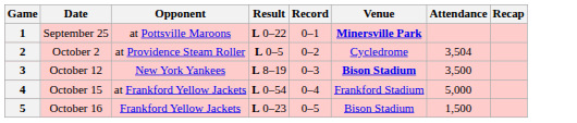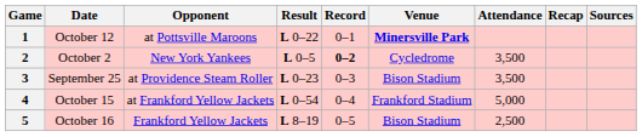 <table class="wikitable" style="text-align:center">
 <tr>
 <th>Game</th>
 <th>Date</th>
 <th>Opponent</th>
 <th>Result</th>
 <th>Record</th>
 <th>Venue</th>
 <th>Attendance</th>
 <th>Recap</th>
+<th>Sources</th>
 </tr>
 <tr style="background:#fcc">
 <th>1</th>
-<td>September 25</td>
+<td>October 12</td>
 <td>at <a href='#'>Pottsville Maroons</a></td>
 <td><strong>L</strong> 0–22</td>
 <td>0–1</td>
 <td><strong><a href='#'>Minersville Park</a></strong></td>
 <td></td>
 <td></td>
+<td></td>
 </tr>
 <tr style="background:#fcc">
 <th>2</th>
 <td>October 2</td>
-<td>at <a href='#'>Providence Steam Roller</a></td>
+<td><a href='#'>New York Yankees</a></td>
 <td><strong>L</strong> 0–5</td>
-<td>0–2</td>
+<td><strong>0–2</strong></td>
 <td><a href='#'>Cycledrome</a></td>
-<td>3,504</td>
+<td>3,500</td>
+<td></td>
 <td></td>
 </tr>
 <tr style="background:#fcc">
 <th>3</th>
-<td>October 12</td>
-<td><a href='#'>New York Yankees</a></td>
-<td><strong>L</strong> 8–19</td>
+<td>September 25</td>
+<td>at <a href='#'>Providence Steam Roller</a></td>
+<td><strong>L</strong> 0–23</td>
 <td>0–3</td>
-<td><strong><a href='#'>Bison Stadium</a></strong></td>
+<td><a href='#'>Bison Stadium</a></td>
 <td>3,500</td>
+<td></td>
 <td></td>
 </tr>
 <tr style="background:#fcc">
 <th>4</th>
 <td>October 15</td>
 <td>at <a href='#'>Frankford Yellow Jackets</a></td>
 <td><strong>L</strong> 0–54</td>
 <td>0–4</td>
 <td><a href='#'>Frankford Stadium</a></td>
 <td>5,000</td>
 <td></td>
+<td></td>
 </tr>
 <tr style="background:#fcc">
 <th>5</th>
 <td>October 16</td>
 <td><a href='#'>Frankford Yellow Jackets</a></td>
-<td><strong>L</strong> 0–23</td>
+<td><strong>L</strong> 8–19</td>
 <td>0–5</td>
 <td><a href='#'>Bison Stadium</a></td>
-<td>1,500</td>
+<td>2,500</td>
+<td></td>
 <td></td>
 </tr>
 </table>
